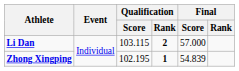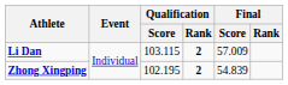 <table class="wikitable"  style="font-size:90%; display:inline-table;">
 <tr>
 <th rowspan=2>Athlete</th>
 <th rowspan=2>Event</th>
 <th colspan=2>Qualification</th>
 <th colspan=2>Final</th>
 </tr>
 <tr>
 <th>Score</th>
 <th>Rank</th>
 <th>Score</th>
 <th>Rank</th>
 </tr>
 <tr>
 <td><strong><a href='#'>Li Dan</a></strong></td>
 <td rowspan=2><a href='#'>Individual</a></td>
 <td align=center>103.115</td>
 <td align=center><strong>2 </strong></td>
-<td align=center>57.000</td>
+<td align=center>57.009</td>
 <td align=center></td>
 </tr>
 <tr>
 <td><strong><a href='#'>Zhong Xingping</a></strong></td>
 <td align=center>102.195</td>
-<td align=center><strong>1 </strong></td>
+<td align=center><strong>2 </strong></td>
 <td align=center>54.839</td>
 <td align=center></td>
 </tr>
 </table>
